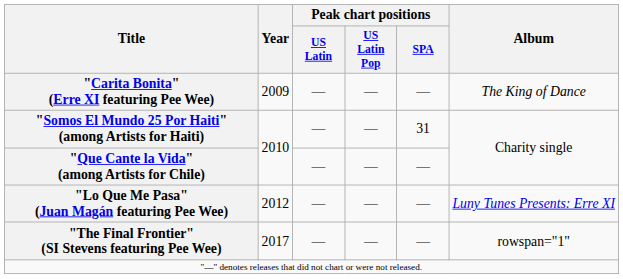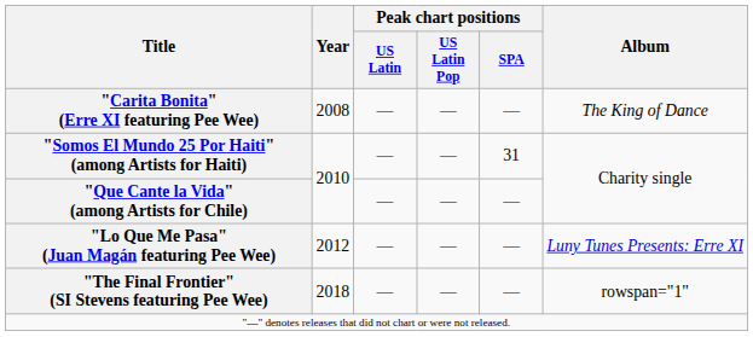 <table class="wikitable plainrowheaders" style="text-align:center;">
 <tr>
 <th scope="col" rowspan="2" style="width:18em;">Title</th>
 <th scope="col" rowspan="2">Year</th>
 <th scope="col" colspan="3">Peak chart positions</th>
 <th scope="col" rowspan="2">Album</th>
 </tr>
 <tr>
 <th scope="col" style="width:4em;font-size:85%;"><a href='#'>US<br>Latin</a></th>
 <th scope="col" style="width:4em;font-size:85%;"><a href='#'>US<br>Latin Pop</a></th>
 <th scope="col" style="width:4em;font-size:85%;"><a href='#'>SPA</a></th>
 </tr>
 <tr>
 <th scope="row">"<a href='#'>Carita Bonita</a>"<br><span>(<a href='#'>Erre XI</a> featuring Pee Wee)</span></th>
-<td>2009</td>
+<td>2008</td>
 <td>—</td>
 <td>—</td>
 <td>—</td>
 <td><em>The King of Dance</em></td>
 </tr>
 <tr>
 <th scope="row">"<a href='#'>Somos El Mundo 25 Por Haiti</a>"<br><span>(among Artists for Haiti)</span></th>
 <td rowspan="2">2010</td>
 <td>—</td>
 <td>—</td>
 <td>31</td>
 <td rowspan="2">Charity single</td>
 </tr>
 <tr>
 <th scope="row">"<a href='#'>Que Cante la Vida</a>"<br><span>(among Artists for Chile)</span></th>
 <td>—</td>
 <td>—</td>
 <td>—</td>
 </tr>
 <tr>
 <th scope="row">"Lo Que Me Pasa"<br><span>(<a href='#'>Juan Magán</a> featuring Pee Wee)</span></th>
 <td>2012</td>
 <td>—</td>
 <td>—</td>
 <td>—</td>
 <td><em><a href='#'>Luny Tunes Presents: Erre XI</a></em></td>
 </tr>
 <tr>
 <th scope="row">"The Final Frontier"<br><span>(SI Stevens featuring Pee Wee)</span></th>
-<td>2017</td>
+<td>2018</td>
 <td>—</td>
 <td>—</td>
 <td>—</td>
 <td>rowspan="1" </td>
 </tr>
 <tr>
 <td colspan="13" style="text-align:center; font-size:8pt;">"—" denotes releases that did not chart or were not released.</td>
 </tr>
 </table>
